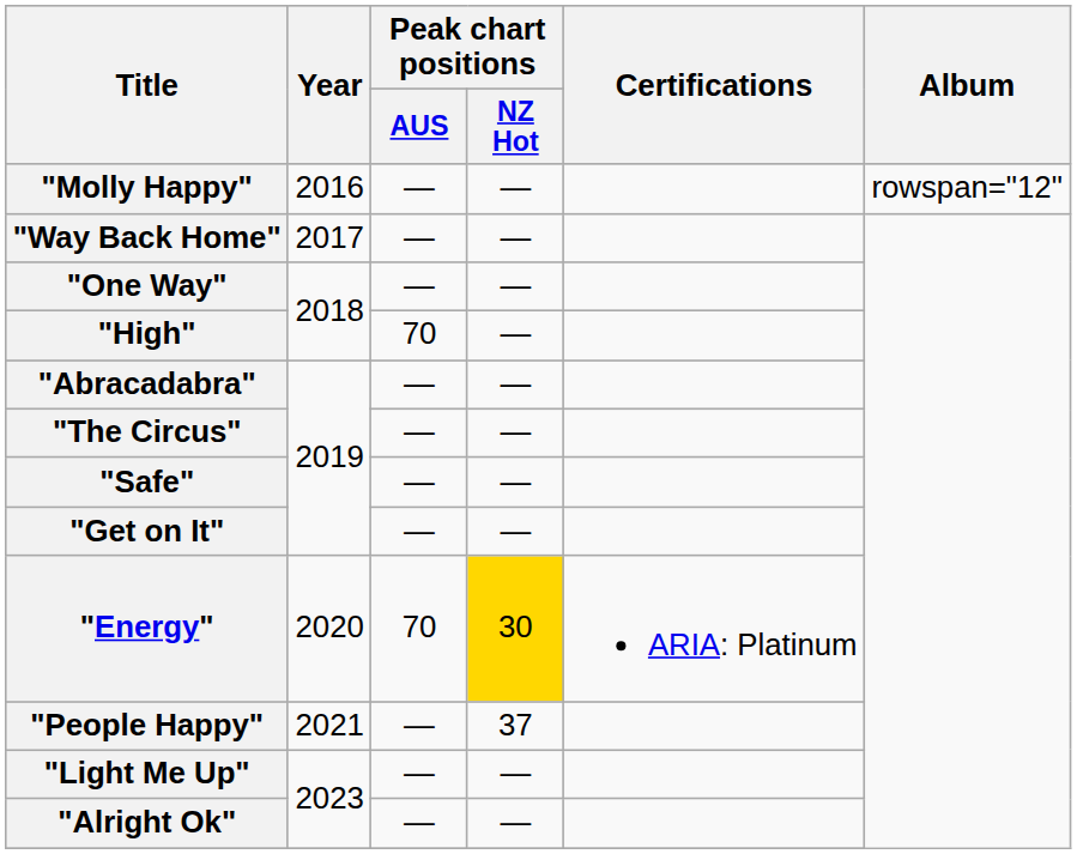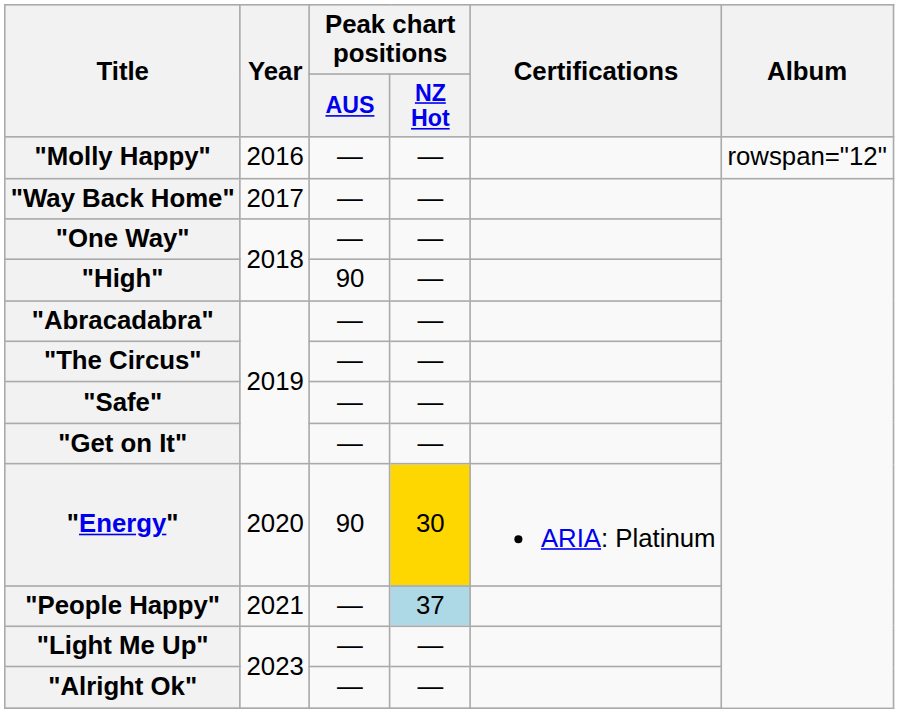 <table class="wikitable plainrowheaders" style="text-align:center;">
 <tr>
 <th scope="col" rowspan="2">Title</th>
 <th scope="col" rowspan="2">Year</th>
 <th scope="col" colspan="2">Peak chart positions</th>
 <th scope="col" rowspan="2">Certifications</th>
 <th scope="col" rowspan="2">Album</th>
 </tr>
 <tr>
 <th scope="col" style="width:3em;font-size:90%;"><a href='#'>AUS</a><br></th>
 <th scope="col" style="width:3em;font-size:90%;"><a href='#'>NZ<br>Hot</a><br></th>
 </tr>
 <tr>
 <th scope="row">"Molly Happy"</th>
 <td>2016</td>
 <td>—</td>
 <td>—</td>
 <td></td>
 <td>rowspan="12" </td>
 </tr>
 <tr>
 <th scope="row">"Way Back Home"</th>
 <td>2017</td>
 <td>—</td>
 <td>—</td>
 <td></td>
 </tr>
 <tr>
 <th scope="row">"One Way"<br></th>
 <td rowspan="2">2018</td>
 <td>—</td>
 <td>—</td>
 <td></td>
 </tr>
 <tr>
 <th scope="row">"High"<br></th>
-<td>70</td>
+<td>90</td>
 <td>—</td>
 <td></td>
 </tr>
 <tr>
 <th scope="row">"Abracadabra"</th>
 <td rowspan="4">2019</td>
 <td>—</td>
 <td>—</td>
 <td></td>
 </tr>
 <tr>
 <th scope="row">"The Circus"</th>
 <td>—</td>
 <td>—</td>
 <td></td>
 </tr>
 <tr>
 <th scope="row">"Safe"<br></th>
 <td>—</td>
 <td>—</td>
 <td></td>
 </tr>
 <tr>
 <th scope="row">"Get on It"<br></th>
 <td>—</td>
 <td>—</td>
 <td></td>
 </tr>
 <tr>
 <th scope="row">"<a href='#'>Energy</a>"<br></th>
 <td>2020</td>
-<td>70</td>
+<td>90</td>
 <td style="background: gold;">30</td>
 <td><br><ul><li><a href='#'>ARIA</a>: Platinum</li></ul></td>
 </tr>
 <tr>
 <th scope="row">"People Happy"<br></th>
 <td>2021</td>
 <td>—</td>
-<td>37</td>
+<td style="background: lightblue;">37</td>
 <td></td>
 </tr>
 <tr>
 <th scope="row">"Light Me Up"</th>
 <td rowspan="2">2023</td>
 <td>—</td>
 <td>—</td>
 <td></td>
 </tr>
 <tr>
 <th scope="row">"Alright Ok"</th>
 <td>—</td>
 <td>—</td>
 <td></td>
 </tr>
 <tr>
 </tr>
 </table>
